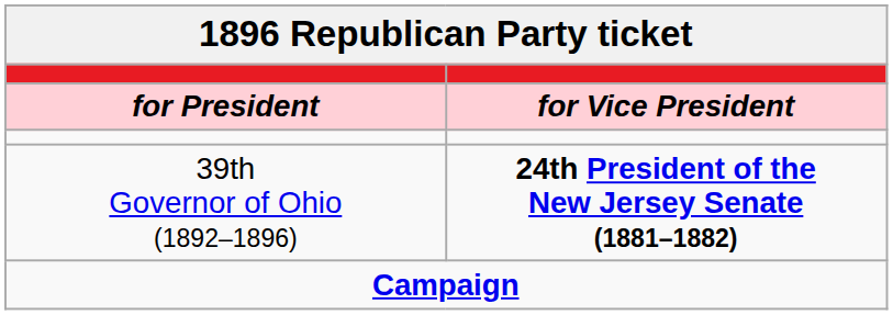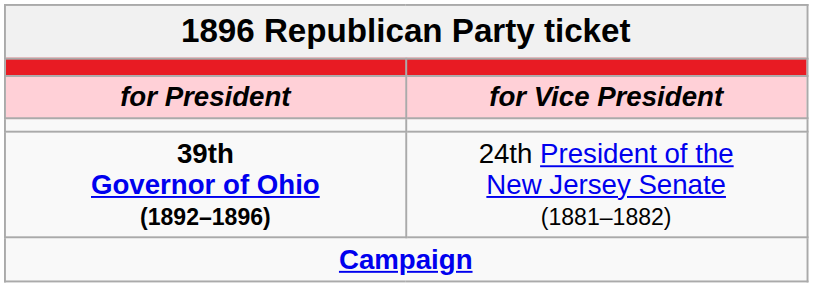 <table class="wikitable" style="font-size:90%; text-align:center;">
 <tr>
 <td style="background:#f1f1f1;" colspan="30"><big><strong>1896 Republican Party ticket</strong></big></td>
 </tr>
 <tr>
 <th style="width:3em; font-size:135%; background:#E81B23; width:200px;"><a href='#'></a></th>
 <th style="width:3em; font-size:135%; background:#E81B23; width:200px;"><a href='#'></a></th>
 </tr>
 <tr style="color:#000; font-size:100%; background:#FFD0D7;">
 <td style="width:3em; width:200px;"><strong><em>for President</em></strong></td>
 <td style="width:3em; width:200px;"><strong><em>for Vice President</em></strong></td>
 </tr>
 <tr>
 <td></td>
 <td></td>
 </tr>
 <tr>
-<td>39th<br><a href='#'>Governor of Ohio</a><br><small>(1892–1896)</small></td>
-<td><strong>24th <a href='#'>President of the<br>New Jersey Senate</a><br><small>(1881–1882)</small></strong></td>
+<td><strong>39th<br><a href='#'>Governor of Ohio</a><br><small>(1892–1896)</small></strong></td>
+<td>24th <a href='#'>President of the<br>New Jersey Senate</a><br><small>(1881–1882)</small></td>
 </tr>
 <tr>
 <td colspan=2><a href='#'><strong>Campaign</strong></a></td>
 </tr>
 </table>
